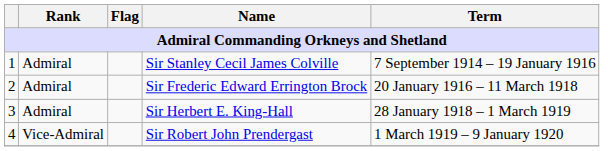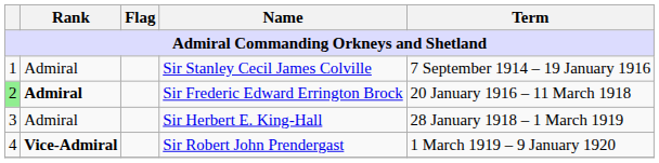 <table class="wikitable">
 <tr>
 <th></th>
 <th>Rank</th>
 <th>Flag</th>
 <th>Name</th>
 <th>Term</th>
 </tr>
 <tr>
 <td colspan="5" align="center" style="background:#dcdcfe;"><strong>Admiral Commanding Orkneys and Shetland</strong></td>
 </tr>
 <tr>
 <td>1</td>
 <td>Admiral</td>
 <td></td>
 <td><a href='#'>Sir Stanley Cecil James Colville</a></td>
 <td>7 September 1914 – 19 January 1916</td>
 </tr>
 <tr>
-<td>2</td>
-<td>Admiral</td>
+<td style="background: lightgreen;">2</td>
+<td><strong>Admiral</strong></td>
 <td></td>
 <td><a href='#'>Sir Frederic Edward Errington Brock</a></td>
 <td>20 January 1916 – 11 March 1918</td>
 </tr>
 <tr>
 <td>3</td>
 <td>Admiral</td>
 <td></td>
 <td><a href='#'>Sir Herbert E. King-Hall</a></td>
 <td>28 January 1918 – 1 March 1919</td>
 </tr>
 <tr>
 <td>4</td>
-<td>Vice-Admiral</td>
+<td><strong>Vice-Admiral</strong></td>
 <td></td>
 <td><a href='#'>Sir Robert John Prendergast</a></td>
 <td>1 March 1919 – 9 January 1920</td>
 </tr>
 <tr>
 </tr>
 </table>
